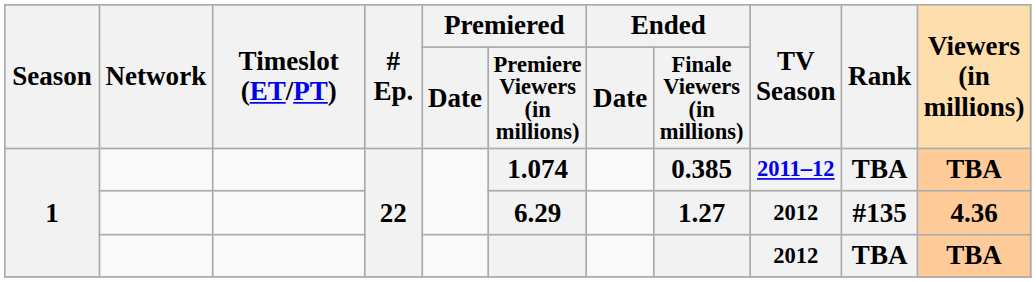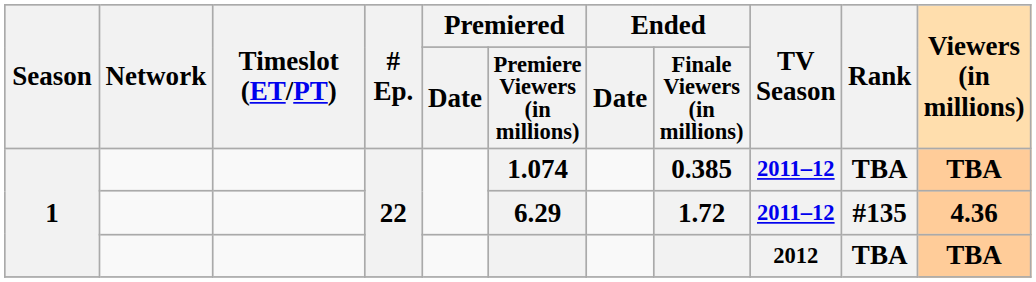 <table class="wikitable">
 <tr>
 <th style="width:10%;" rowspan="2">Season</th>
 <th style="width:10%;" rowspan="2">Network</th>
 <th style="width:28%;" rowspan="2">Timeslot (<a href='#'>ET</a>/<a href='#'>PT</a>)</th>
 <th style="width:7%;" rowspan="2"># Ep.</th>
 <th colspan=2>Premiered</th>
 <th colspan=2>Ended</th>
 <th style="width:7%;" rowspan="2">TV Season</th>
 <th rowspan="2">Rank</th>
 <th style="width:10%; background:#ffdead;" rowspan="2">Viewers<br>(in millions)</th>
 </tr>
 <tr>
 <th>Date</th>
 <th span style="width:7%; font-size:smaller; line-height:100%;">Premiere<br>Viewers<br>(in millions)</th>
 <th>Date</th>
 <th span style="width:10%; font-size:smaller; line-height:100%;">Finale<br>Viewers<br>(in millions)</th>
 </tr>
 <tr>
 <th rowspan="3">1</th>
 <td></td>
 <td></td>
 <th rowspan="3">22</th>
 <td style="font-size:11px;line-height:110%" rowspan="2"></td>
 <th>1.074</th>
 <td style="font-size:11px;line-height:110%"></td>
 <th>0.385</th>
 <th style="font-size:smaller"><a href='#'>2011–12</a></th>
 <th style="text-align:center">TBA</th>
 <th style="background:#fc9;">TBA</th>
 </tr>
 <tr>
 <td></td>
 <td></td>
 <th>6.29</th>
 <td style="font-size:11px;line-height:110%"></td>
-<th>1.27</th>
-<th style="font-size:smaller">2012</th>
+<th>1.72</th>
+<th style="font-size:smaller"><a href='#'>2011–12</a></th>
 <th style="text-align:center">#135</th>
 <th style="background:#fc9;">4.36</th>
 </tr>
 <tr>
 <td></td>
 <td></td>
 <td style="font-size:11px;line-height:110%"></td>
 <th></th>
 <td style="font-size:11px;line-height:110%"></td>
 <th></th>
 <th style="font-size:smaller">2012</th>
 <th style="text-align:center">TBA</th>
 <th style="background:#fc9;">TBA</th>
 </tr>
 </table>
